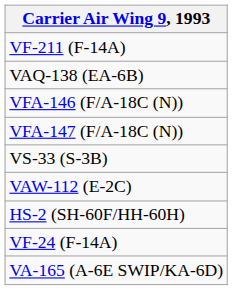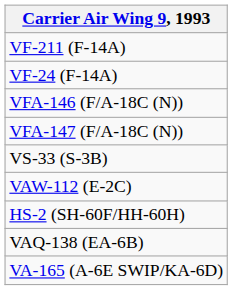 <table class="wikitable" style="float:right;">
 <tr>
 <th><a href='#'>Carrier Air Wing 9</a>, 1993</th>
 </tr>
 <tr>
 <td><a href='#'>VF-211</a> (F-14A)</td>
 </tr>
 <tr>
-<td>VAQ-138 (EA-6B)</td>
+<td><a href='#'>VF-24</a> (F-14A)</td>
 </tr>
 <tr>
 <td><a href='#'>VFA-146</a> (F/A-18C (N))</td>
 </tr>
 <tr>
 <td><a href='#'>VFA-147</a> (F/A-18C (N))</td>
 </tr>
 <tr>
 <td>VS-33 (S-3B)</td>
 </tr>
 <tr>
 <td><a href='#'>VAW-112</a> (E-2C)</td>
 </tr>
 <tr>
 <td><a href='#'>HS-2</a> (SH-60F/HH-60H)</td>
 </tr>
 <tr>
-<td><a href='#'>VF-24</a> (F-14A)</td>
+<td>VAQ-138 (EA-6B)</td>
 </tr>
 <tr>
 <td><a href='#'>VA-165</a> (A-6E SWIP/KA-6D)</td>
 </tr>
 </table>
